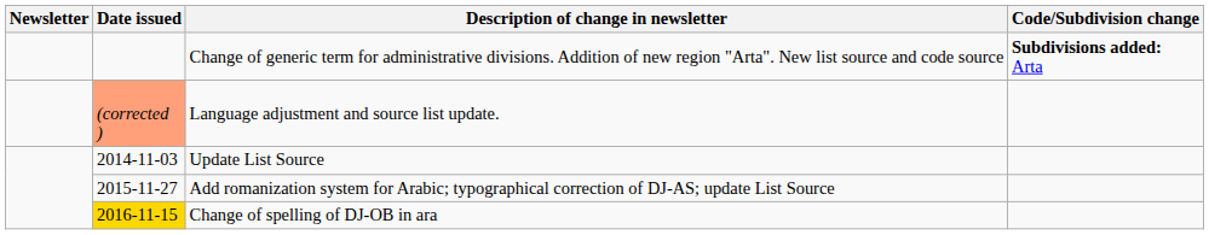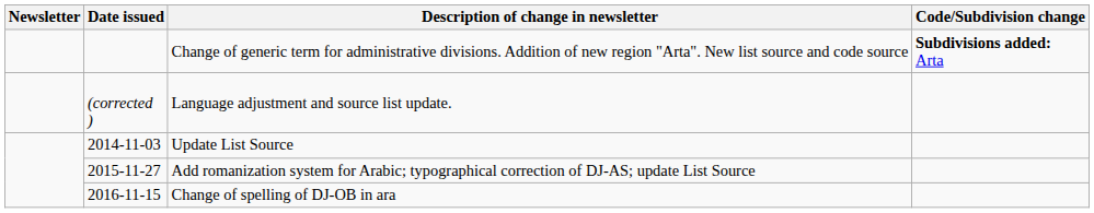 <table class="wikitable">
 <tr>
 <th>Newsletter</th>
 <th>Date issued</th>
 <th>Description of change in newsletter</th>
 <th>Code/Subdivision change</th>
 </tr>
 <tr>
 <td id="I-7"></td>
 <td></td>
 <td>Change of generic term for administrative divisions. Addition of new region "Arta". New list source and code source</td>
 <td style=white-space:nowrap><strong>Subdivisions added:</strong><br>  <a href='#'>Arta</a></td>
 </tr>
 <tr>
 <td id="II-3"></td>
-<td style="background: lightsalmon;"><br> <em>(corrected<br> )</em></td>
+<td><br> <em>(corrected<br> )</em></td>
 <td>Language adjustment and source list update.</td>
 <td></td>
 </tr>
 <tr>
 <td rowspan="3"></td>
 <td>2014-11-03</td>
 <td>Update List Source</td>
 <td></td>
 </tr>
 <tr>
 <td>2015-11-27</td>
 <td>Add romanization system for Arabic; typographical correction of DJ-AS; update List Source</td>
 <td></td>
 </tr>
 <tr>
-<td style="background: gold;">2016-11-15</td>
+<td>2016-11-15</td>
 <td>Change of spelling of DJ-OB in ara</td>
 <td></td>
 </tr>
 </table>
